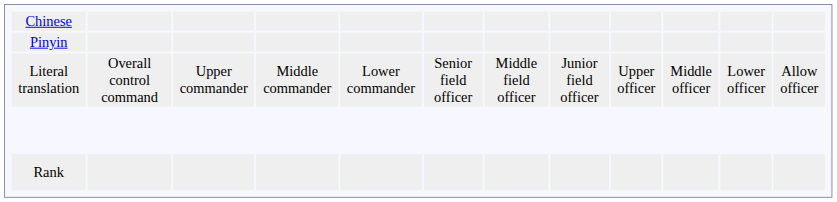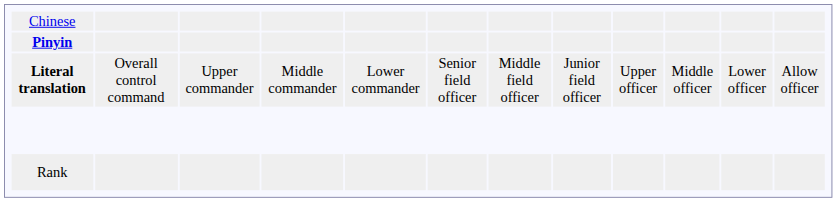 <table style="border:1px solid #8888aa; background-color:#f7f8ff; padding:5px; font-size:95%; margin: 0px 12px 12px 0px; text-align:center;">
 <tr style="background:#efefef;">
 <td><a href='#'>Chinese</a></td>
 <td colspan=2></td>
 <td colspan=2></td>
 <td colspan=2></td>
 <td colspan=4></td>
 <td colspan=2></td>
 <td colspan=2></td>
 <td colspan=2></td>
 <td colspan=2></td>
 <td colspan=2></td>
 <td colspan=2></td>
 <td colspan=2></td>
 </tr>
 <tr style="background:#efefef;">
-<td><a href='#'>Pinyin</a></td>
+<td><strong><a href='#'>Pinyin</a></strong></td>
 <td colspan=2></td>
 <td colspan=2></td>
 <td colspan=2></td>
 <td colspan=4></td>
 <td colspan=2></td>
 <td colspan=2></td>
 <td colspan=2></td>
 <td colspan=2></td>
 <td colspan=2></td>
 <td colspan=2></td>
 <td colspan=2></td>
 </tr>
 <tr style="background:#efefef;">
-<td>Literal translation</td>
+<td><strong>Literal translation</strong></td>
 <td colspan=2>Overall control command</td>
 <td colspan=2>Upper commander</td>
 <td colspan=2>Middle commander</td>
 <td colspan=4>Lower commander</td>
 <td colspan=2>Senior field officer</td>
 <td colspan=2>Middle field officer</td>
 <td colspan=2>Junior field officer</td>
 <td colspan=2>Upper officer</td>
 <td colspan=2>Middle officer</td>
 <td colspan=2>Lower officer</td>
 <td colspan=2>Allow officer</td>
 </tr>
 <tr style="text-align:center;">
 <td><strong></strong><br></td>
 <td colspan=2></td>
 <td colspan=2></td>
 <td colspan=2></td>
 <td colspan=2></td>
 <td colspan=2 rowspan=3></td>
 <td colspan=2></td>
 <td colspan=2></td>
 <td colspan=2></td>
 <td colspan=2></td>
 <td colspan=2></td>
 <td colspan=2></td>
 <td colspan=2></td>
 </tr>
 <tr style="text-align:center;">
 <td><strong></strong><br></td>
 <td colspan=2></td>
 <td colspan=2></td>
 <td colspan=2></td>
 <td colspan=2></td>
 <td colspan=2></td>
 <td colspan=2></td>
 <td colspan=2></td>
 <td colspan=2></td>
 <td colspan=2></td>
 <td colspan=2></td>
 </tr>
 <tr style="text-align:center;">
 <td><strong></strong></td>
 <td colspan=2></td>
 <td colspan=2></td>
 <td colspan=2></td>
 <td colspan=2></td>
 <td colspan=2></td>
 <td colspan=2></td>
 <td colspan=2></td>
 <td colspan=2></td>
 <td colspan=2></td>
 <td colspan=2></td>
 </tr>
 <tr style="text-align:center; background:#efefef;">
 <td>Rank</td>
 <td colspan=2><br></td>
 <td colspan=2><br></td>
 <td colspan=2><br></td>
 <td colspan=4><br></td>
 <td colspan=2><br></td>
 <td colspan=2><br></td>
 <td colspan=2><br></td>
 <td colspan=2><br></td>
 <td colspan=2><br></td>
 <td colspan=2><br></td>
 <td colspan=2><br><br></td>
 </tr>
 </table>
